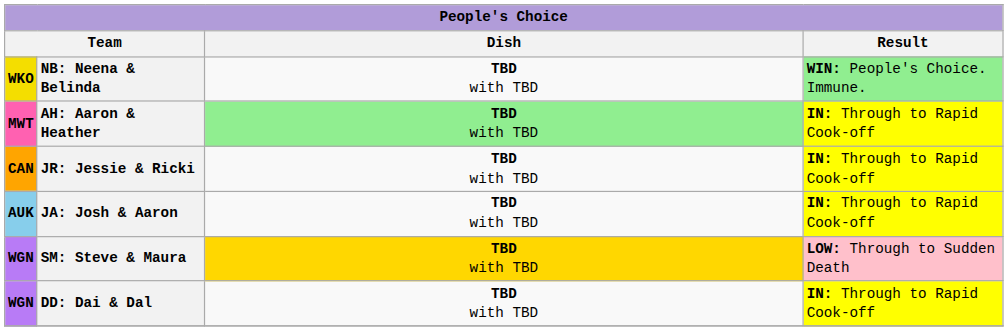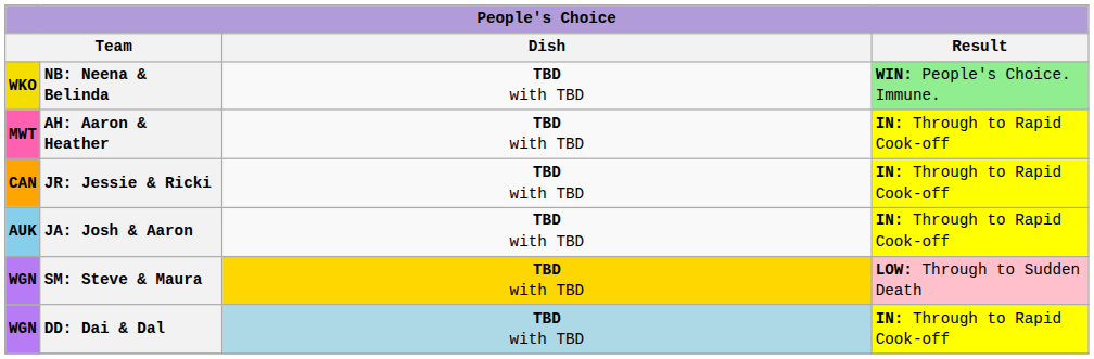 <table class="wikitable" style="text-align: center; font-size: 9pt; line-height:16px; width:95%">
 <tr>
 <th colspan="5" style="background:#b19cd9; ">People's Choice</th>
 </tr>
 <tr>
 <th colspan="2" style="width:20%;">Team</th>
 <th style="width:60%;">Dish</th>
 <th style="width:20%;">Result</th>
 </tr>
 <tr>
 <th scope="row" align="left" style="background:#F4DE00; ">WKO</th>
 <th scope="row" style="text-align:left;">NB: Neena & Belinda</th>
 <td><strong>TBD</strong><br>with TBD</td>
 <td scope="row" style="text-align:left;" bgcolor="lightgreen"><strong>WIN:</strong> People's Choice. Immune.</td>
 </tr>
 <tr>
 <th scope="row" align="left" style="background:#FF61B1; ">MWT</th>
 <th scope="row" style="text-align:left;">AH: Aaron & Heather</th>
-<td style="background: lightgreen;"><strong>TBD</strong><br>with TBD</td>
+<td><strong>TBD</strong><br>with TBD</td>
 <td scope="row" style="text-align:left;" bgcolor="yellow"><strong>IN:</strong> Through to Rapid Cook-off</td>
 </tr>
 <tr>
 <th scope="row" align="left" style="background:orange; ">CAN</th>
 <th scope="row" style="text-align:left;">JR: Jessie & Ricki</th>
 <td><strong>TBD</strong><br>with TBD</td>
 <td scope="row" style="text-align:left;" bgcolor="yellow"><strong>IN:</strong> Through to Rapid Cook-off</td>
 </tr>
 <tr>
 <th scope="row" align="left" style="background-color:skyblue; ">AUK</th>
 <th scope="row" style="text-align:left;">JA: Josh & Aaron</th>
 <td><strong>TBD</strong><br>with TBD</td>
 <td scope="row" style="text-align:left;" bgcolor="yellow"><strong>IN:</strong> Through to Rapid Cook-off</td>
 </tr>
 <tr>
 <th scope="row" align="center" style="background:#B87BF6; ">WGN</th>
 <th scope="row" style="text-align:left;">SM: Steve & Maura</th>
 <td style="background: gold;"><strong>TBD</strong><br>with TBD</td>
 <td scope="row" style="text-align:left;" bgcolor="pink"><strong>LOW:</strong> Through to Sudden Death</td>
 </tr>
 <tr>
 <th scope="row" align="center" style="background:#B87BF6; ">WGN</th>
 <th scope="row" style="text-align:left;">DD: Dai & Dal</th>
-<td><strong>TBD</strong><br>with TBD</td>
+<td style="background: lightblue;"><strong>TBD</strong><br>with TBD</td>
 <td scope="row" style="text-align:left;" bgcolor="yellow"><strong>IN:</strong> Through to Rapid Cook-off</td>
 </tr>
 <tr>
 </tr>
 </table>
